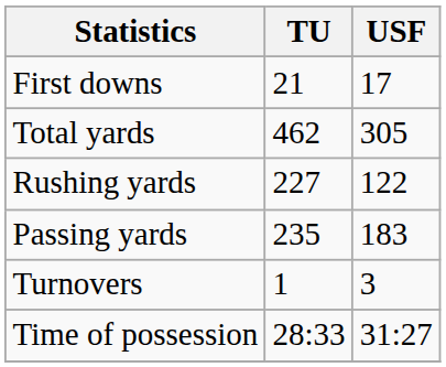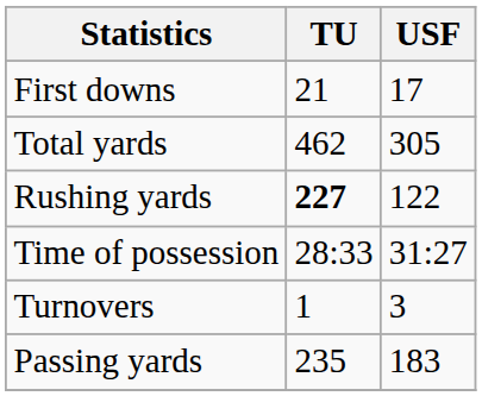 <table class="wikitable" style="float: left;">
 <tr>
 <th>Statistics</th>
 <th>TU</th>
 <th>USF</th>
 </tr>
 <tr>
 <td>First downs</td>
 <td>21</td>
 <td>17</td>
 </tr>
 <tr>
 <td>Total yards</td>
 <td>462</td>
 <td>305</td>
 </tr>
 <tr>
 <td>Rushing yards</td>
-<td>227</td>
+<td><strong>227</strong></td>
 <td>122</td>
+</tr>
+<tr>
+<td>Time of possession</td>
+<td>28:33</td>
+<td>31:27</td>
+</tr>
+<tr>
+<td>Turnovers</td>
+<td>1</td>
+<td>3</td>
 </tr>
 <tr>
 <td>Passing yards</td>
 <td>235</td>
 <td>183</td>
 </tr>
 <tr>
-<td>Turnovers</td>
-<td>1</td>
-<td>3</td>
-</tr>
-<tr>
-<td>Time of possession</td>
-<td>28:33</td>
-<td>31:27</td>
-</tr>
-<tr>
 </tr>
 </table>
